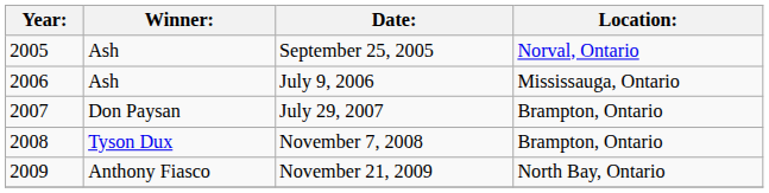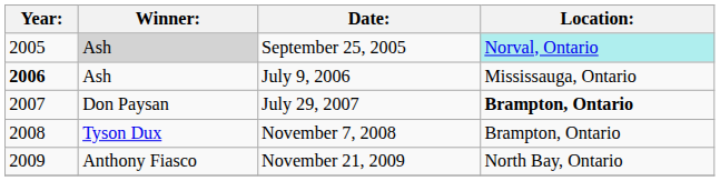 <table class="wikitable" width=50%>
 <tr>
 <th>Year:</th>
 <th>Winner:</th>
 <th>Date:</th>
 <th>Location:</th>
 </tr>
 <tr>
 <td>2005</td>
-<td>Ash</td>
+<td style="background: lightgrey;">Ash</td>
 <td>September 25, 2005</td>
-<td><a href='#'>Norval, Ontario</a></td>
+<td style="background: paleturquoise;"><a href='#'>Norval, Ontario</a></td>
 </tr>
 <tr>
-<td>2006</td>
+<td><strong>2006</strong></td>
 <td>Ash</td>
 <td>July 9, 2006</td>
 <td>Mississauga, Ontario</td>
 </tr>
 <tr>
 <td>2007</td>
 <td>Don Paysan</td>
 <td>July 29, 2007</td>
-<td>Brampton, Ontario</td>
+<td><strong>Brampton, Ontario</strong></td>
 </tr>
 <tr>
 <td>2008</td>
 <td><a href='#'>Tyson Dux</a></td>
 <td>November 7, 2008</td>
 <td>Brampton, Ontario</td>
 </tr>
 <tr>
 <td>2009</td>
 <td>Anthony Fiasco</td>
 <td>November 21, 2009</td>
 <td>North Bay, Ontario</td>
 </tr>
 <tr>
 </tr>
 </table>
